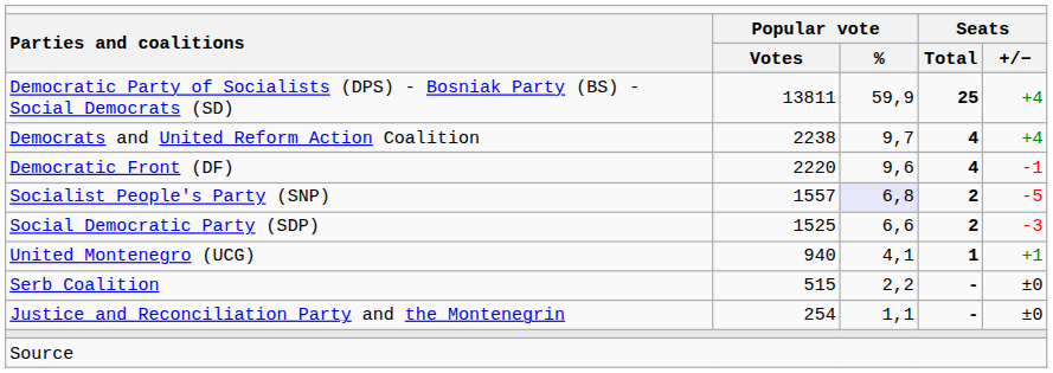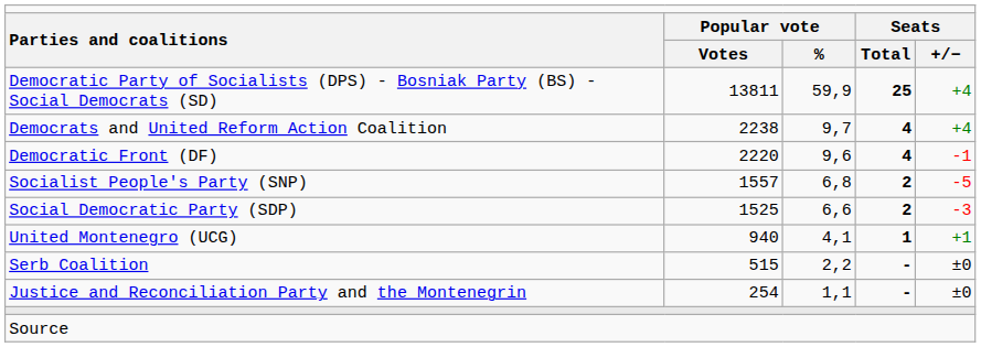 <table class="wikitable" style="text-align:right; font-size:98%; margin-bottom:0">
 <tr>
 <td colspan="6"></td>
 </tr>
 <tr>
 <th style="text-align:left;" rowspan="2" width="500">Parties and coalitions</th>
 <th colspan="2">Popular vote</th>
 <th colspan="2">Seats</th>
 </tr>
 <tr>
 <th width="85">Votes</th>
 <th width="50">%</th>
 <th width="40">Total</th>
 <th width="40">+/−</th>
 </tr>
 <tr>
 <td align="left"><a href='#'>Democratic Party of Socialists</a> (DPS) - <a href='#'>Bosniak Party</a> (BS) - <a href='#'>Social Democrats</a> (SD)</td>
 <td>13811</td>
 <td>59,9</td>
 <td><strong>25</strong></td>
 <td style="color:green;">+4</td>
 </tr>
 <tr>
 <td align="left"><a href='#'>Democrats</a> and <a href='#'>United Reform Action</a> Coalition</td>
 <td>2238</td>
 <td>9,7</td>
 <td><strong>4</strong></td>
 <td style="color:green;">+4</td>
 </tr>
 <tr>
 <td align="left"><a href='#'>Democratic Front</a> (DF)</td>
 <td>2220</td>
 <td>9,6</td>
 <td><strong>4</strong></td>
 <td style="color:red;">-1</td>
 </tr>
 <tr>
 <td align="left"><a href='#'>Socialist People's Party</a> (SNP)</td>
 <td>1557</td>
-<td style="background: lavender;">6,8</td>
+<td>6,8</td>
 <td><strong>2</strong></td>
 <td style="color:red;">-5</td>
 </tr>
 <tr>
 <td align="left"><a href='#'>Social Democratic Party</a> (SDP)</td>
 <td>1525</td>
 <td>6,6</td>
 <td><strong>2</strong></td>
 <td style="color:red;">-3</td>
 </tr>
 <tr>
 <td align="left"><a href='#'>United Montenegro</a> (UCG)</td>
 <td>940</td>
 <td>4,1</td>
 <td><strong>1</strong></td>
 <td style="color:green;">+1</td>
 </tr>
 <tr>
 <td align="left"><a href='#'>Serb Coalition</a></td>
 <td>515</td>
 <td>2,2</td>
 <td><strong>-</strong></td>
 <td>±0</td>
 </tr>
 <tr>
 <td align="left"><a href='#'>Justice and Reconciliation Party</a> and <a href='#'>the Montenegrin</a></td>
 <td>254</td>
 <td>1,1</td>
 <td><strong>-</strong></td>
 <td>±0</td>
 </tr>
 <tr>
 <td colspan="6" bgcolor="#E9E9E9"></td>
 </tr>
 <tr>
 <td align="left" colspan="6">Source</td>
 </tr>
 </table>
